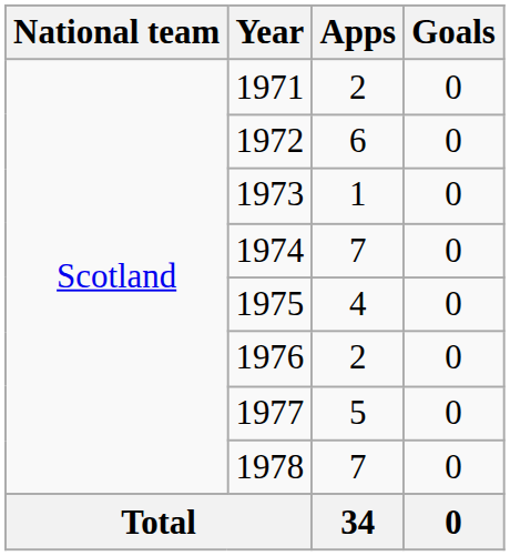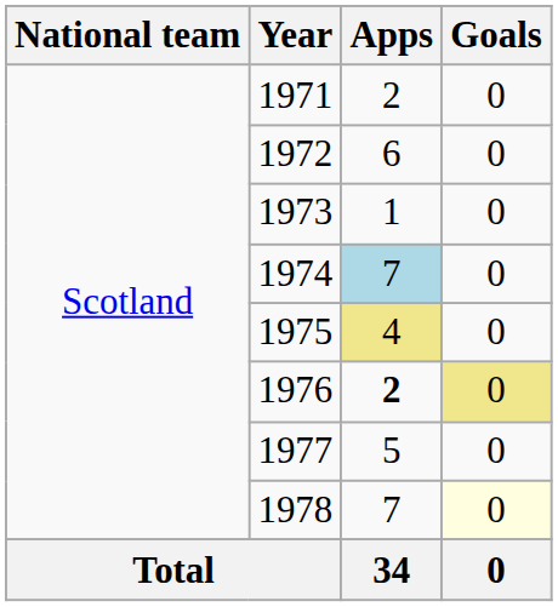 <table class="wikitable" style="text-align:center">
 <tr>
 <th>National team</th>
 <th>Year</th>
 <th>Apps</th>
 <th>Goals</th>
 </tr>
 <tr>
 <td rowspan="8"><a href='#'>Scotland</a></td>
 <td>1971</td>
 <td>2</td>
 <td>0</td>
 </tr>
 <tr>
 <td>1972</td>
 <td>6</td>
 <td>0</td>
 </tr>
 <tr>
 <td>1973</td>
 <td>1</td>
 <td>0</td>
 </tr>
 <tr>
 <td>1974</td>
-<td>7</td>
+<td style="background: lightblue;">7</td>
 <td>0</td>
 </tr>
 <tr>
 <td>1975</td>
-<td>4</td>
+<td style="background: khaki;">4</td>
 <td>0</td>
 </tr>
 <tr>
 <td>1976</td>
-<td>2</td>
-<td>0</td>
+<td><strong>2</strong></td>
+<td style="background: khaki;">0</td>
 </tr>
 <tr>
 <td>1977</td>
 <td>5</td>
 <td>0</td>
 </tr>
 <tr>
 <td>1978</td>
 <td>7</td>
-<td>0</td>
+<td style="background: lightyellow;">0</td>
 </tr>
 <tr>
 <th colspan="2">Total</th>
 <th>34</th>
 <th>0</th>
 </tr>
 </table>
